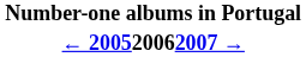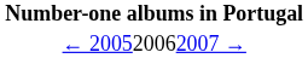 <table class="toc" id="toc" summary="Contents">
 <tr>
 <th>Number-one albums in Portugal</th>
 </tr>
 <tr>
-<td align="center"><strong><a href='#'>← 2005</a>2006<a href='#'>2007 →</a></strong></td>
+<td align="center"><a href='#'>← 2005</a>2006<a href='#'>2007 →</a></td>
 </tr>
 </table>
